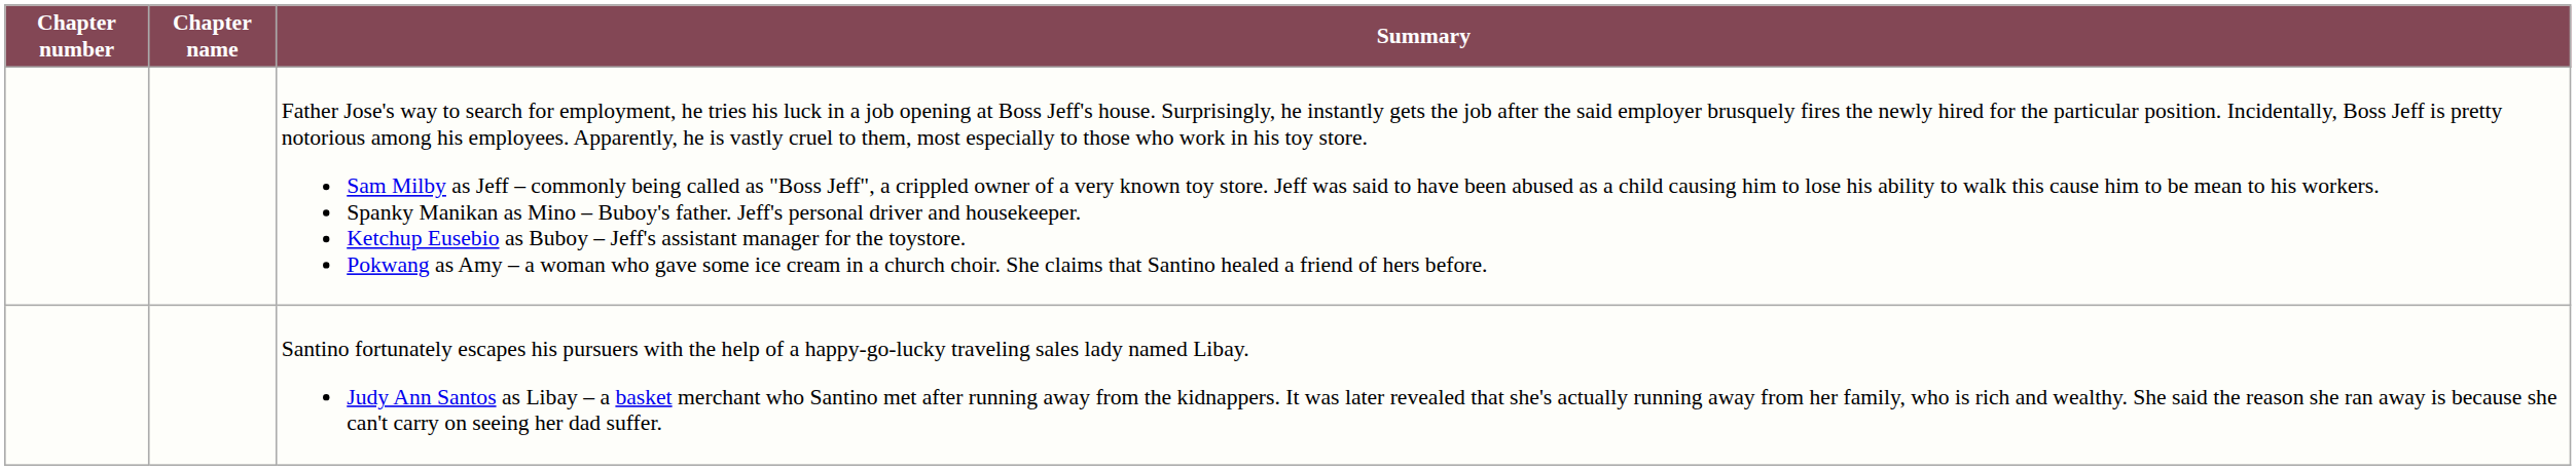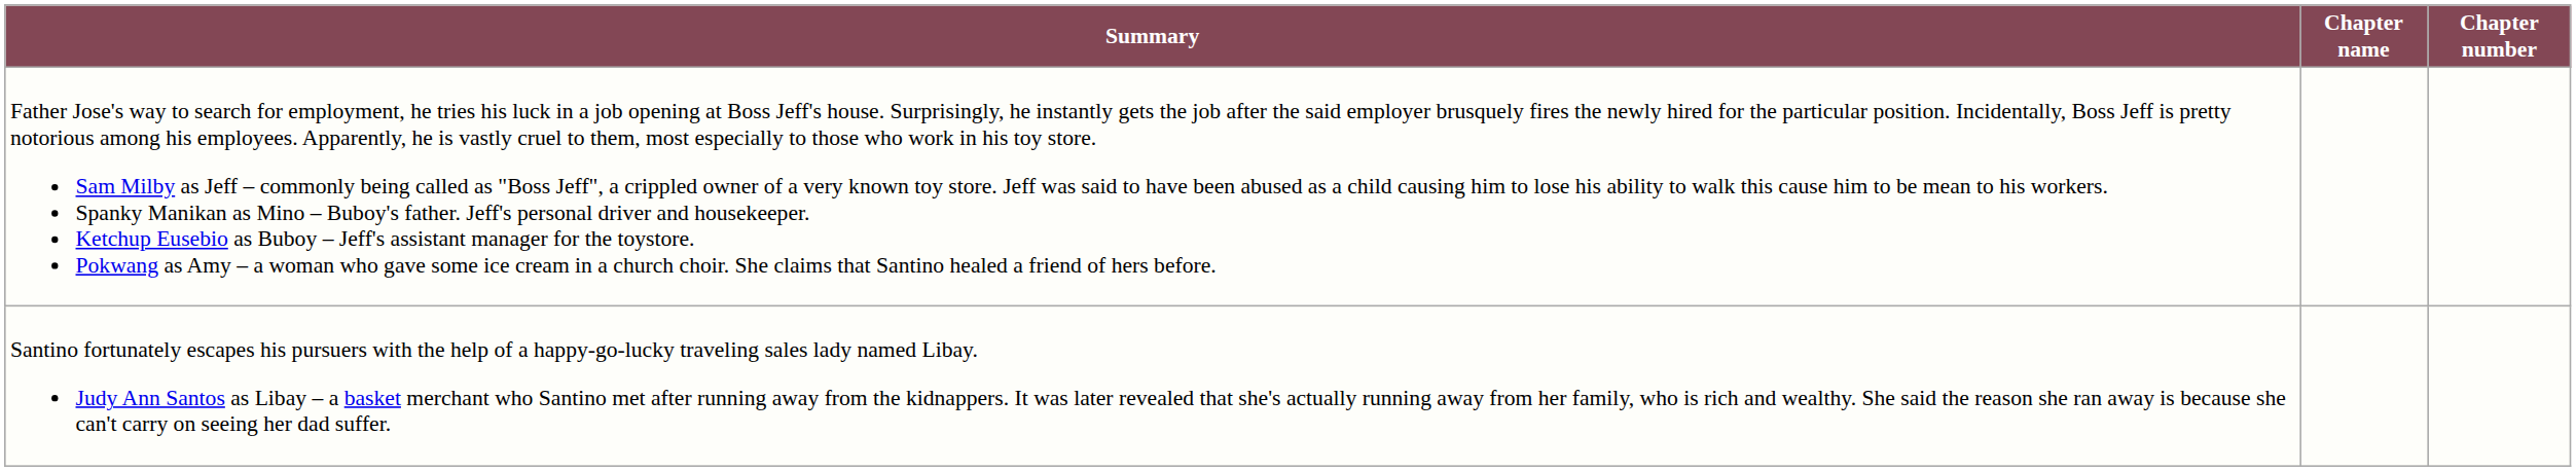 <table class="wikitable" style=" background:#FEFEFA; font-size: 85%;">
 <tr>
+<th style="background:#834755 ; color:white;">Summary</th>
+<th style="background:#834755 ; color:white; ">Chapter name</th>
 <th style="background:#834755 ; color:white ;">Chapter number</th>
-<th style="background:#834755 ; color:white; ">Chapter name</th>
-<th style="background:#834755 ; color:white;">Summary</th>
 </tr>
 <tr>
+<td><br>Father Jose's way to search for employment, he tries his luck in a job opening at Boss Jeff's house. Surprisingly, he instantly gets the job after the said employer brusquely fires the newly hired for the particular position. Incidentally, Boss Jeff is pretty notorious among his employees. Apparently, he is vastly cruel to them, most especially to those who work in his toy store.<ul><li><a href='#'>Sam Milby</a> as Jeff – commonly being called as "Boss Jeff", a crippled owner of a very known toy store. Jeff was said to have been abused as a child causing him to lose his ability to walk this cause him to be mean to his workers.</li><li>Spanky Manikan as Mino – Buboy's father. Jeff's personal driver and housekeeper.</li><li><a href='#'>Ketchup Eusebio</a> as Buboy – Jeff's assistant manager for the toystore.</li><li><a href='#'>Pokwang</a> as Amy – a woman who gave some ice cream in a church choir. She claims that Santino healed a friend of hers before.</li></ul></td>
 <td></td>
 <td></td>
-<td><br>Father Jose's way to search for employment, he tries his luck in a job opening at Boss Jeff's house. Surprisingly, he instantly gets the job after the said employer brusquely fires the newly hired for the particular position. Incidentally, Boss Jeff is pretty notorious among his employees. Apparently, he is vastly cruel to them, most especially to those who work in his toy store.<ul><li><a href='#'>Sam Milby</a> as Jeff – commonly being called as "Boss Jeff", a crippled owner of a very known toy store. Jeff was said to have been abused as a child causing him to lose his ability to walk this cause him to be mean to his workers.</li><li>Spanky Manikan as Mino – Buboy's father. Jeff's personal driver and housekeeper.</li><li><a href='#'>Ketchup Eusebio</a> as Buboy – Jeff's assistant manager for the toystore.</li><li><a href='#'>Pokwang</a> as Amy – a woman who gave some ice cream in a church choir. She claims that Santino healed a friend of hers before.</li></ul></td>
 </tr>
 <tr>
+<td><br>Santino fortunately escapes his pursuers with the help of a happy-go-lucky traveling sales lady named Libay.<ul><li><a href='#'>Judy Ann Santos</a> as Libay – a <a href='#'>basket</a> merchant who Santino met after running away from the kidnappers. It was later revealed that she's actually running away from her family, who is rich and wealthy. She said the reason she ran away is because she can't carry on seeing her dad suffer.</li></ul></td>
 <td></td>
 <td></td>
-<td><br>Santino fortunately escapes his pursuers with the help of a happy-go-lucky traveling sales lady named Libay.<ul><li><a href='#'>Judy Ann Santos</a> as Libay – a <a href='#'>basket</a> merchant who Santino met after running away from the kidnappers. It was later revealed that she's actually running away from her family, who is rich and wealthy. She said the reason she ran away is because she can't carry on seeing her dad suffer.</li></ul></td>
 </tr>
 </table>
